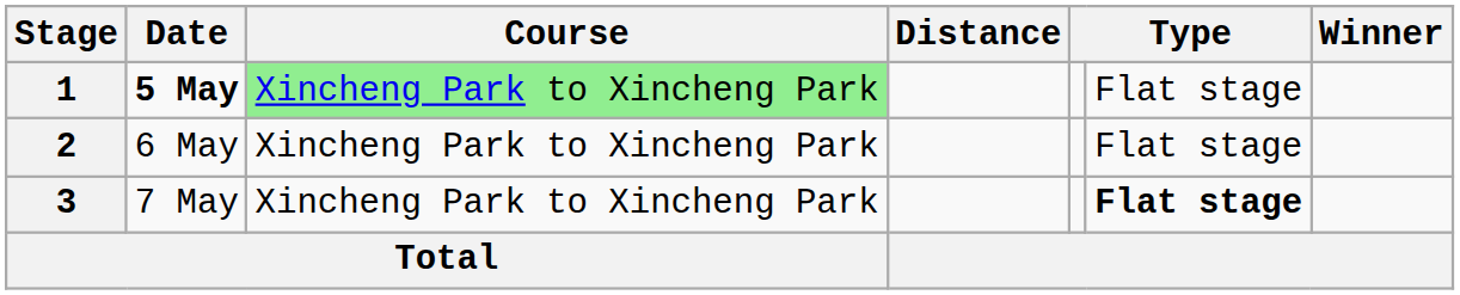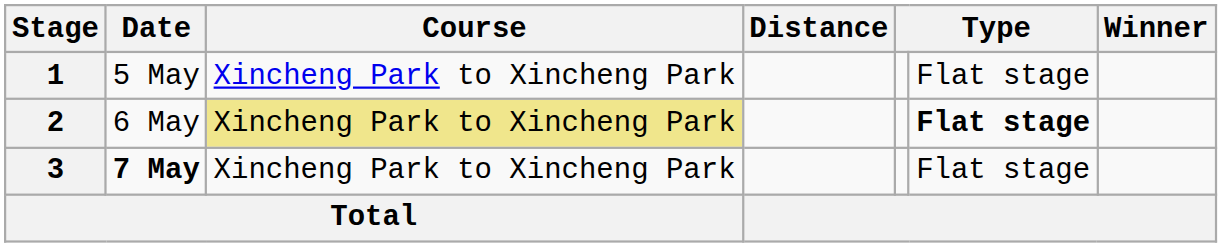 <table class=wikitable>
 <tr>
 <th>Stage</th>
 <th>Date</th>
 <th>Course</th>
 <th>Distance</th>
 <th colspan=2>Type</th>
 <th>Winner</th>
 </tr>
 <tr>
 <th align=center>1</th>
-<td align=center><strong>5 May</strong></td>
-<td style="background: lightgreen;"><a href='#'>Xincheng Park</a> to Xincheng Park</td>
+<td align=center>5 May</td>
+<td><a href='#'>Xincheng Park</a> to Xincheng Park</td>
 <td align=center></td>
 <td align=center></td>
 <td>Flat stage</td>
 <td></td>
 </tr>
 <tr>
 <th align=center>2</th>
 <td align=center>6 May</td>
+<td style="background: khaki;">Xincheng Park to Xincheng Park</td>
+<td align=center></td>
+<td align=center></td>
+<td><strong>Flat stage</strong></td>
+<td></td>
+</tr>
+<tr>
+<th align=center>3</th>
+<td align=center><strong>7 May</strong></td>
 <td>Xincheng Park to Xincheng Park</td>
 <td align=center></td>
 <td align=center></td>
 <td>Flat stage</td>
 <td></td>
 </tr>
 <tr>
-<th align=center>3</th>
-<td align=center>7 May</td>
-<td>Xincheng Park to Xincheng Park</td>
-<td align=center></td>
-<td align=center></td>
-<td><strong>Flat stage</strong></td>
-<td></td>
-</tr>
-<tr>
 <th colspan=3 align=center>Total</th>
 <th colspan=5 align=center></th>
 </tr>
 </table>
